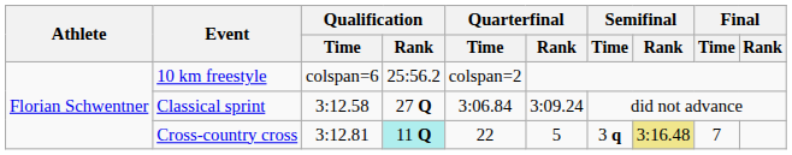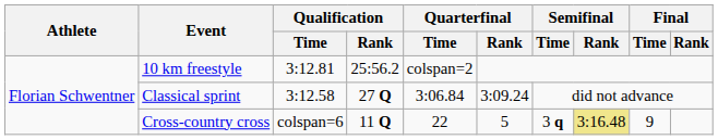 <table class="wikitable" style="font-size:90%">
 <tr>
 <th rowspan="2">Athlete</th>
 <th rowspan="2">Event</th>
 <th colspan="2">Qualification</th>
 <th colspan="2">Quarterfinal</th>
 <th colspan="2">Semifinal</th>
 <th colspan="2">Final</th>
 </tr>
 <tr style="font-size:95%">
 <th>Time</th>
 <th>Rank</th>
 <th>Time</th>
 <th>Rank</th>
 <th>Time</th>
 <th>Rank</th>
 <th>Time</th>
 <th>Rank</th>
 </tr>
 <tr align=center>
 <td align=left rowspan=3><a href='#'>Florian Schwentner</a></td>
 <td align=left><a href='#'>10 km freestyle</a></td>
-<td>colspan=6 </td>
+<td>3:12.81</td>
 <td>25:56.2</td>
 <td>colspan=2 </td>
 </tr>
 <tr align=center>
 <td align=left><a href='#'>Classical sprint</a></td>
 <td>3:12.58</td>
 <td>27 <strong>Q</strong></td>
 <td>3:06.84</td>
 <td>3:09.24</td>
 <td colspan=4>did not advance</td>
 </tr>
 <tr align=center>
 <td align=left><a href='#'>Cross-country cross</a></td>
-<td>3:12.81</td>
-<td style="background: paleturquoise;">11 <strong>Q</strong></td>
+<td>colspan=6 </td>
+<td>11 <strong>Q</strong></td>
 <td>22</td>
 <td>5</td>
 <td>3 <strong>q</strong></td>
 <td style="background: khaki;">3:16.48</td>
-<td>7</td>
+<td>9</td>
 </tr>
 </table>
